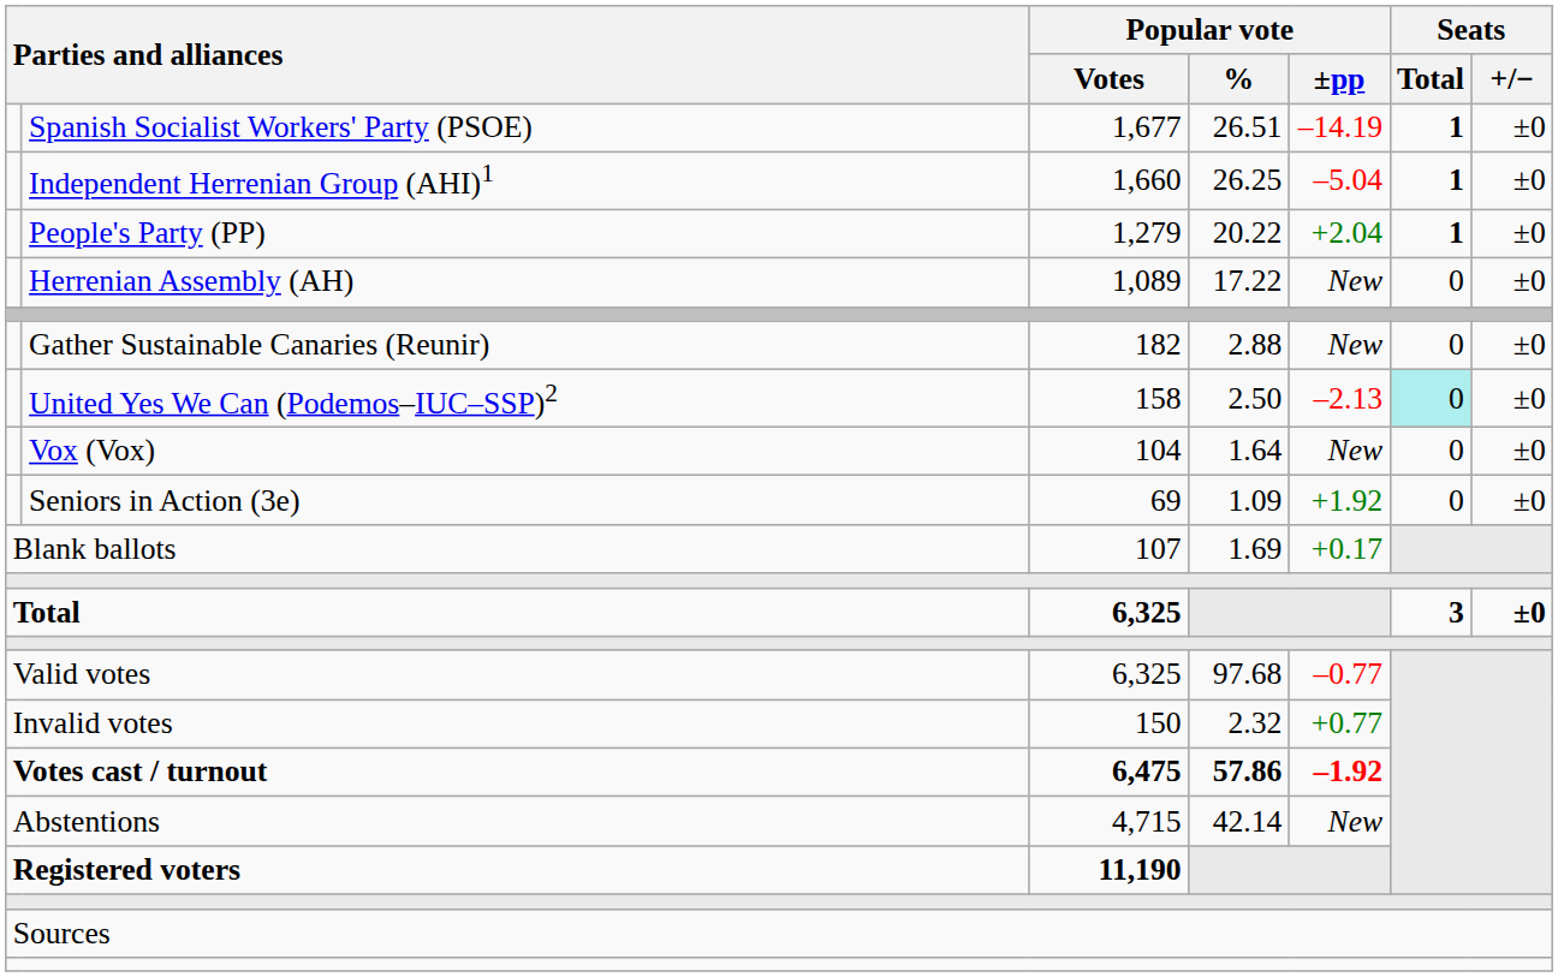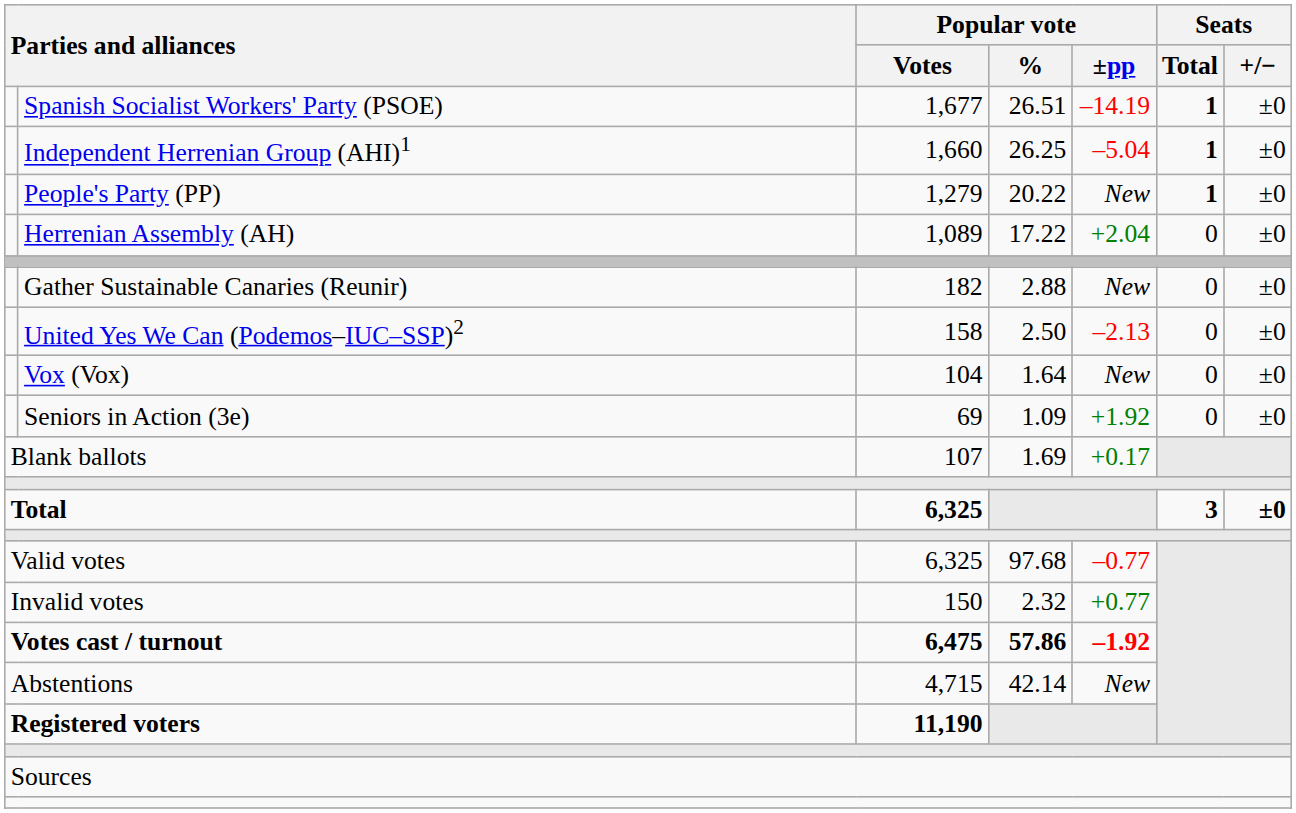 <table class="wikitable" style="text-align:right;">
 <tr>
 <th style="text-align:left;" rowspan="2" colspan="2" width="525">Parties and alliances</th>
 <th colspan="3">Popular vote</th>
 <th colspan="2">Seats</th>
 </tr>
 <tr>
 <th width="75">Votes</th>
 <th width="45">%</th>
 <th width="45">±<a href='#'>pp</a></th>
 <th width="35">Total</th>
 <th width="35">+/−</th>
 </tr>
 <tr>
 <td width="1" style="color:inherit;background:"></td>
 <td align="left"><a href='#'>Spanish Socialist Workers' Party</a> (PSOE)</td>
 <td>1,677</td>
 <td>26.51</td>
 <td style="color:red;">–14.19</td>
 <td><strong>1</strong></td>
 <td>±0</td>
 </tr>
 <tr>
 <td style="color:inherit;background:"></td>
 <td align="left"><a href='#'>Independent Herrenian Group</a> (AHI)<sup>1</sup></td>
 <td>1,660</td>
 <td>26.25</td>
 <td style="color:red;">–5.04</td>
 <td><strong>1</strong></td>
 <td>±0</td>
 </tr>
 <tr>
 <td style="color:inherit;background:"></td>
 <td align="left"><a href='#'>People's Party</a> (PP)</td>
 <td>1,279</td>
 <td>20.22</td>
-<td style="color:green;">+2.04</td>
+<td><em>New</em></td>
 <td><strong>1</strong></td>
 <td>±0</td>
 </tr>
 <tr>
 <td style="color:inherit;background:"></td>
 <td align="left"><a href='#'>Herrenian Assembly</a> (AH)</td>
 <td>1,089</td>
 <td>17.22</td>
-<td><em>New</em></td>
+<td style="color:green;">+2.04</td>
 <td>0</td>
 <td>±0</td>
 </tr>
 <tr>
 <td colspan="7" bgcolor="#C0C0C0"></td>
 </tr>
 <tr>
 <td style="color:inherit;background:"></td>
 <td align="left">Gather Sustainable Canaries (Reunir)</td>
 <td>182</td>
 <td>2.88</td>
 <td><em>New</em></td>
 <td>0</td>
 <td>±0</td>
 </tr>
 <tr>
 <td style="color:inherit;background:"></td>
 <td align="left"><a href='#'>United Yes We Can</a> (<a href='#'>Podemos</a>–<a href='#'>IUC–SSP</a>)<sup>2</sup></td>
 <td>158</td>
 <td>2.50</td>
 <td style="color:red;">–2.13</td>
-<td style="background: paleturquoise;">0</td>
+<td>0</td>
 <td>±0</td>
 </tr>
 <tr>
 <td style="color:inherit;background:"></td>
 <td align="left"><a href='#'>Vox</a> (Vox)</td>
 <td>104</td>
 <td>1.64</td>
 <td><em>New</em></td>
 <td>0</td>
 <td>±0</td>
 </tr>
 <tr>
 <td style="color:inherit;background:"></td>
 <td align="left">Seniors in Action (3e)</td>
 <td>69</td>
 <td>1.09</td>
 <td style="color:green;">+1.92</td>
 <td>0</td>
 <td>±0</td>
 </tr>
 <tr>
 <td align="left" colspan="2">Blank ballots</td>
 <td>107</td>
 <td>1.69</td>
 <td style="color:green;">+0.17</td>
 <td bgcolor="#E9E9E9" colspan="2"></td>
 </tr>
 <tr>
 <td colspan="7" bgcolor="#E9E9E9"></td>
 </tr>
 <tr style="font-weight:bold;">
 <td align="left" colspan="2">Total</td>
 <td>6,325</td>
 <td bgcolor="#E9E9E9" colspan="2"></td>
 <td>3</td>
 <td>±0</td>
 </tr>
 <tr>
 <td colspan="7" bgcolor="#E9E9E9"></td>
 </tr>
 <tr>
 <td align="left" colspan="2">Valid votes</td>
 <td>6,325</td>
 <td>97.68</td>
 <td style="color:red;">–0.77</td>
 <td bgcolor="#E9E9E9" colspan="2" rowspan="5"></td>
 </tr>
 <tr>
 <td align="left" colspan="2">Invalid votes</td>
 <td>150</td>
 <td>2.32</td>
 <td style="color:green;">+0.77</td>
 </tr>
 <tr style="font-weight:bold;">
 <td align="left" colspan="2">Votes cast / turnout</td>
 <td>6,475</td>
 <td>57.86</td>
 <td style="color:red;">–1.92</td>
 </tr>
 <tr>
 <td align="left" colspan="2">Abstentions</td>
 <td>4,715</td>
 <td>42.14</td>
 <td><em>New</em></td>
 </tr>
 <tr style="font-weight:bold;">
 <td align="left" colspan="2">Registered voters</td>
 <td>11,190</td>
 <td bgcolor="#E9E9E9" colspan="2"></td>
 </tr>
 <tr>
 <td colspan="7" bgcolor="#E9E9E9"></td>
 </tr>
 <tr>
 <td align="left" colspan="7">Sources</td>
 </tr>
 <tr>
 <td colspan="9" style="text-align:left;font-size:95%;max-width:790px;"></td>
 </tr>
 </table>
